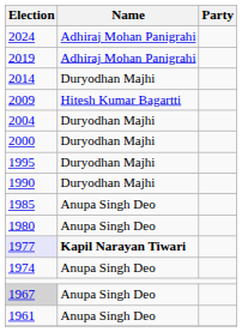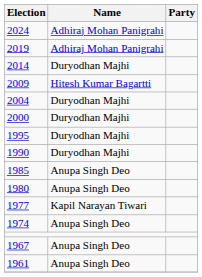 <table class="wikitable sortable">
 <tr>
 <th>Election</th>
 <th>Name</th>
 <th colspan=2>Party</th>
 </tr>
 <tr>
 <td><a href='#'>2024</a></td>
 <td><a href='#'>Adhiraj Mohan Panigrahi</a></td>
 <td></td>
 </tr>
 <tr>
 <td><a href='#'>2019</a></td>
 <td><a href='#'>Adhiraj Mohan Panigrahi</a></td>
 <td></td>
 </tr>
 <tr>
 <td><a href='#'>2014</a></td>
 <td>Duryodhan Majhi</td>
 <td></td>
 </tr>
 <tr>
 <td><a href='#'>2009</a></td>
 <td><a href='#'>Hitesh Kumar Bagartti</a></td>
 <td></td>
 </tr>
 <tr>
 <td><a href='#'>2004</a></td>
 <td>Duryodhan Majhi</td>
 <td></td>
 </tr>
 <tr>
 <td><a href='#'>2000</a></td>
 <td>Duryodhan Majhi</td>
 <td></td>
 </tr>
 <tr>
 <td><a href='#'>1995</a></td>
 <td>Duryodhan Majhi</td>
 <td></td>
 </tr>
 <tr>
 <td><a href='#'>1990</a></td>
 <td>Duryodhan Majhi</td>
 <td></td>
 </tr>
 <tr>
 <td><a href='#'>1985</a></td>
 <td>Anupa Singh Deo</td>
 <td></td>
 </tr>
 <tr>
 <td><a href='#'>1980</a></td>
 <td>Anupa Singh Deo</td>
 <td></td>
 </tr>
 <tr>
-<td style="background: lavender;"><a href='#'>1977</a></td>
-<td><strong>Kapil Narayan Tiwari</strong></td>
+<td><a href='#'>1977</a></td>
+<td>Kapil Narayan Tiwari</td>
 <td></td>
 </tr>
 <tr>
 <td><a href='#'>1974</a></td>
 <td>Anupa Singh Deo</td>
 <td></td>
 </tr>
 <tr>
 <td colspan="4"></td>
 </tr>
 <tr>
-<td style="background: lightgrey;"><a href='#'>1967</a></td>
+<td><a href='#'>1967</a></td>
 <td>Anupa Singh Deo</td>
 <td></td>
 </tr>
 <tr>
 <td><a href='#'>1961</a></td>
 <td>Anupa Singh Deo</td>
 <td></td>
 </tr>
 <tr>
 </tr>
 </table>
